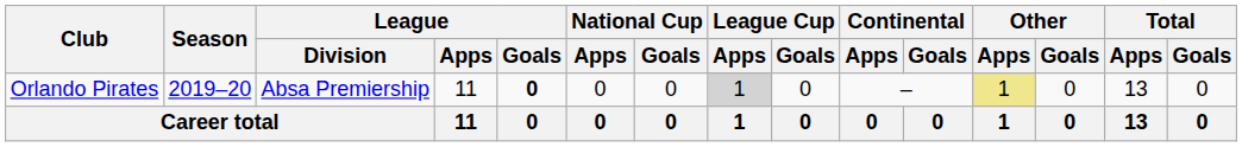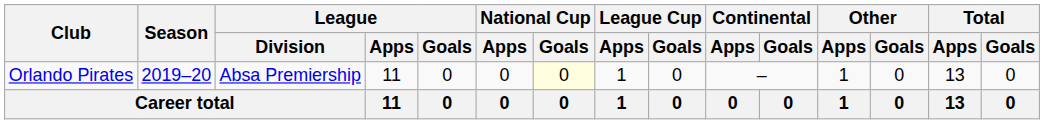 <table class="wikitable" style="text-align: center">
 <tr>
 <th rowspan="2">Club</th>
 <th rowspan="2">Season</th>
 <th colspan="3">League</th>
 <th colspan="2">National Cup</th>
 <th colspan="2">League Cup</th>
 <th colspan="2">Continental</th>
 <th colspan="2">Other</th>
 <th colspan="2">Total</th>
 </tr>
 <tr>
 <th>Division</th>
 <th>Apps</th>
 <th>Goals</th>
 <th>Apps</th>
 <th>Goals</th>
 <th>Apps</th>
 <th>Goals</th>
 <th>Apps</th>
 <th>Goals</th>
 <th>Apps</th>
 <th>Goals</th>
 <th>Apps</th>
 <th>Goals</th>
 </tr>
 <tr>
 <td><a href='#'>Orlando Pirates</a></td>
 <td><a href='#'>2019–20</a></td>
 <td><a href='#'>Absa Premiership</a></td>
 <td>11</td>
-<td><strong>0</strong></td>
 <td>0</td>
 <td>0</td>
-<td style="background: lightgrey;">1</td>
+<td style="background: lightyellow;">0</td>
+<td>1</td>
 <td>0</td>
 <td colspan="2">–</td>
-<td style="background: khaki;">1</td>
+<td>1</td>
 <td>0</td>
 <td>13</td>
 <td>0</td>
 </tr>
 <tr>
 <th colspan=3>Career total</th>
 <th>11</th>
 <th>0</th>
 <th>0</th>
 <th>0</th>
 <th>1</th>
 <th>0</th>
 <th>0</th>
 <th>0</th>
 <th>1</th>
 <th>0</th>
 <th>13</th>
 <th>0</th>
 </tr>
 </table>
